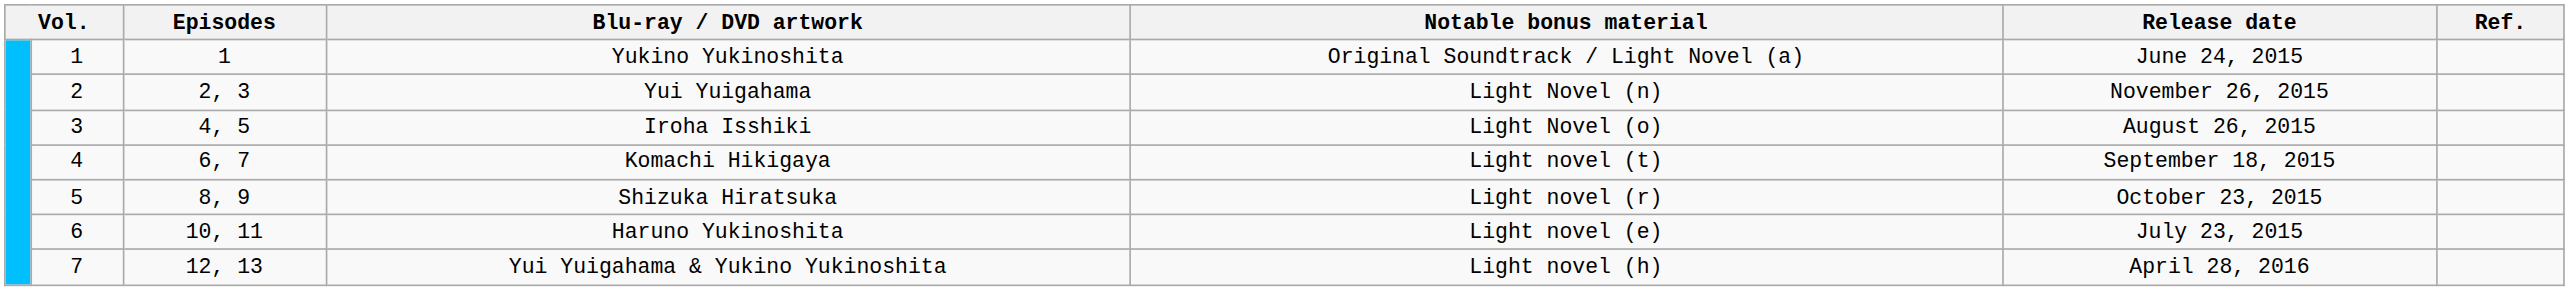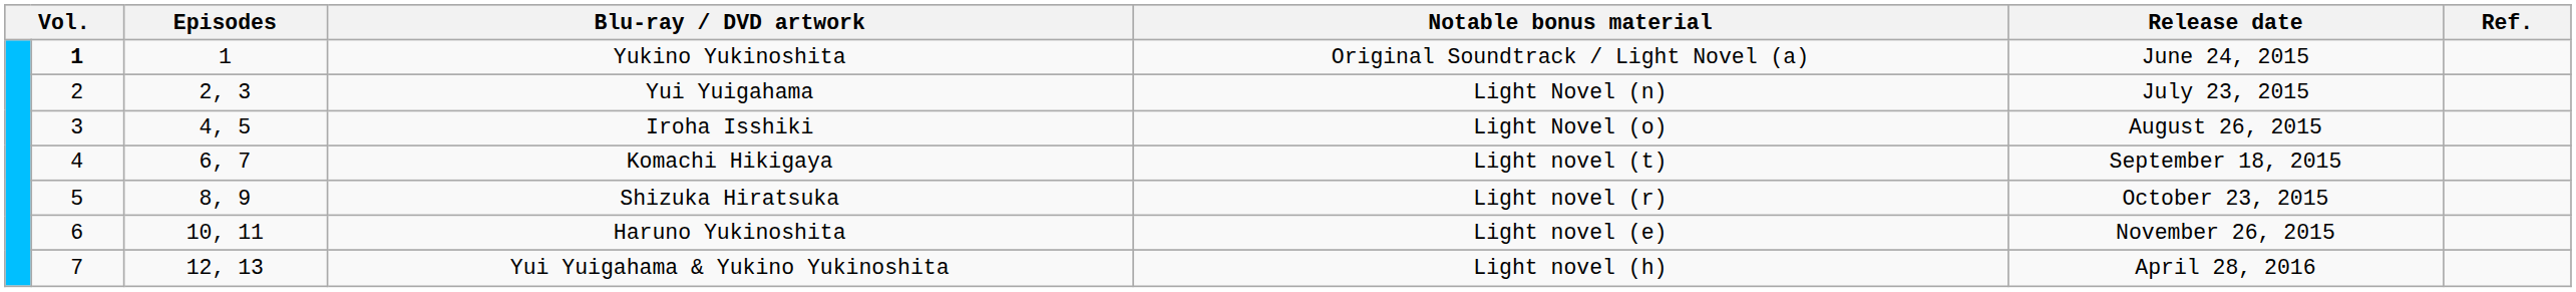 <table class="wikitable" style="text-align: center; width: 98%;">
 <tr>
 <th colspan="2">Vol.</th>
 <th>Episodes</th>
 <th>Blu-ray / DVD artwork</th>
 <th>Notable bonus material</th>
 <th>Release date</th>
 <th style="width:5%;">Ref.</th>
 </tr>
 <tr>
 <td rowspan="10"  style="width:1%; background:DeepSkyBlue;"></td>
-<td>1</td>
+<td><strong>1</strong></td>
 <td>1</td>
 <td>Yukino Yukinoshita</td>
 <td>Original Soundtrack / Light Novel (a)</td>
 <td>June 24, 2015</td>
 <td></td>
 </tr>
 <tr>
 <td>2</td>
 <td>2, 3</td>
 <td>Yui Yuigahama</td>
 <td>Light Novel (n)</td>
-<td>November 26, 2015</td>
+<td>July 23, 2015</td>
 <td></td>
 </tr>
 <tr>
 <td>3</td>
 <td>4, 5</td>
 <td>Iroha Isshiki</td>
 <td>Light Novel (o)</td>
 <td>August 26, 2015</td>
 <td></td>
 </tr>
 <tr>
 <td>4</td>
 <td>6, 7</td>
 <td>Komachi Hikigaya</td>
 <td>Light novel (t)</td>
 <td>September 18, 2015</td>
 <td></td>
 </tr>
 <tr>
 <td>5</td>
 <td>8, 9</td>
 <td>Shizuka Hiratsuka</td>
 <td>Light novel (r)</td>
 <td>October 23, 2015</td>
 <td></td>
 </tr>
 <tr>
 <td>6</td>
 <td>10, 11</td>
 <td>Haruno Yukinoshita</td>
 <td>Light novel (e)</td>
-<td>July 23, 2015</td>
+<td>November 26, 2015</td>
 <td></td>
 </tr>
 <tr>
 <td>7</td>
 <td>12, 13</td>
 <td>Yui Yuigahama & Yukino Yukinoshita</td>
 <td>Light novel (h)</td>
 <td>April 28, 2016</td>
 <td></td>
 </tr>
 </table>
